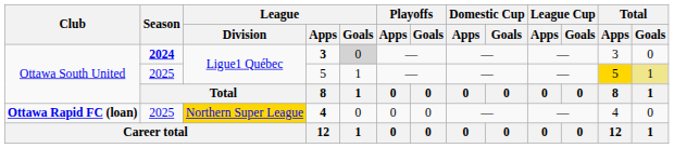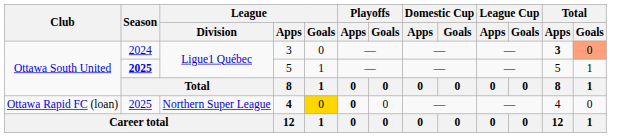 <table class="wikitable" style="text-align: center;">
 <tr>
 <th rowspan="2">Club</th>
 <th rowspan="2">Season</th>
 <th colspan="3">League</th>
 <th colspan="2">Playoffs</th>
 <th colspan="2">Domestic Cup</th>
 <th colspan="2">League Cup</th>
 <th colspan="2">Total</th>
 </tr>
 <tr>
 <th>Division</th>
 <th>Apps</th>
 <th>Goals</th>
 <th>Apps</th>
 <th>Goals</th>
 <th>Apps</th>
 <th>Goals</th>
 <th>Apps</th>
 <th>Goals</th>
 <th>Apps</th>
 <th>Goals</th>
 </tr>
 <tr>
 <td rowspan="3"><a href='#'>Ottawa South United</a></td>
-<td><strong><a href='#'>2024</a></strong></td>
+<td><a href='#'>2024</a></td>
 <td rowspan="2"><a href='#'>Ligue1 Québec</a></td>
-<td><strong>3</strong></td>
-<td style="background: lightgrey;">0</td>
+<td>3</td>
+<td>0</td>
 <td colspan="2">—</td>
 <td colspan="2">—</td>
 <td colspan="2">—</td>
-<td>3</td>
-<td>0</td>
+<td><strong>3</strong></td>
+<td style="background: lightsalmon;">0</td>
 </tr>
 <tr>
-<td><a href='#'>2025</a></td>
+<td><strong><a href='#'>2025</a></strong></td>
 <td>5</td>
 <td>1</td>
 <td colspan="2">—</td>
 <td colspan="2">—</td>
 <td colspan="2">—</td>
-<td style="background: gold;">5</td>
-<td style="background: khaki;">1</td>
+<td>5</td>
+<td>1</td>
 </tr>
 <tr>
 <th colspan="2">Total</th>
 <th>8</th>
 <th>1</th>
 <th>0</th>
 <th>0</th>
 <th>0</th>
 <th>0</th>
 <th>0</th>
 <th>0</th>
 <th>8</th>
 <th>1</th>
 </tr>
 <tr>
-<td><strong><a href='#'>Ottawa Rapid FC</a> (loan)</strong></td>
+<td><a href='#'>Ottawa Rapid FC</a> (loan)</td>
 <td><a href='#'>2025</a></td>
-<td style="background: gold;"><a href='#'>Northern Super League</a></td>
+<td><a href='#'>Northern Super League</a></td>
 <td><strong>4</strong></td>
-<td>0</td>
-<td>0</td>
+<td style="background: gold;">0</td>
+<td><strong>0</strong></td>
 <td>0</td>
 <td colspan="2">—</td>
 <td colspan="2">—</td>
 <td>4</td>
 <td>0</td>
 </tr>
 <tr>
 <th colspan="3">Career total</th>
 <th>12</th>
 <th>1</th>
 <th>0</th>
 <th>0</th>
 <th>0</th>
 <th>0</th>
 <th>0</th>
 <th>0</th>
 <th>12</th>
 <th>1</th>
 </tr>
 </table>
